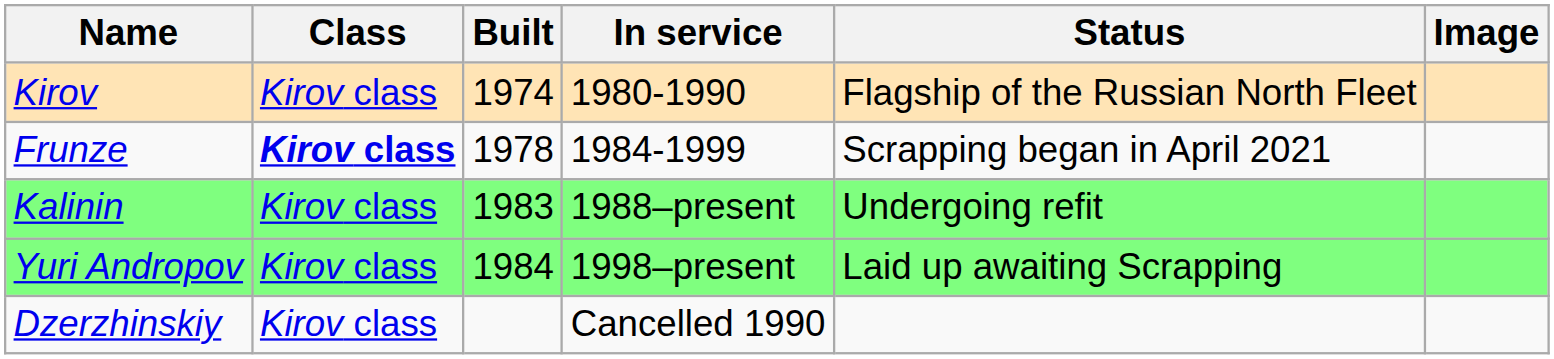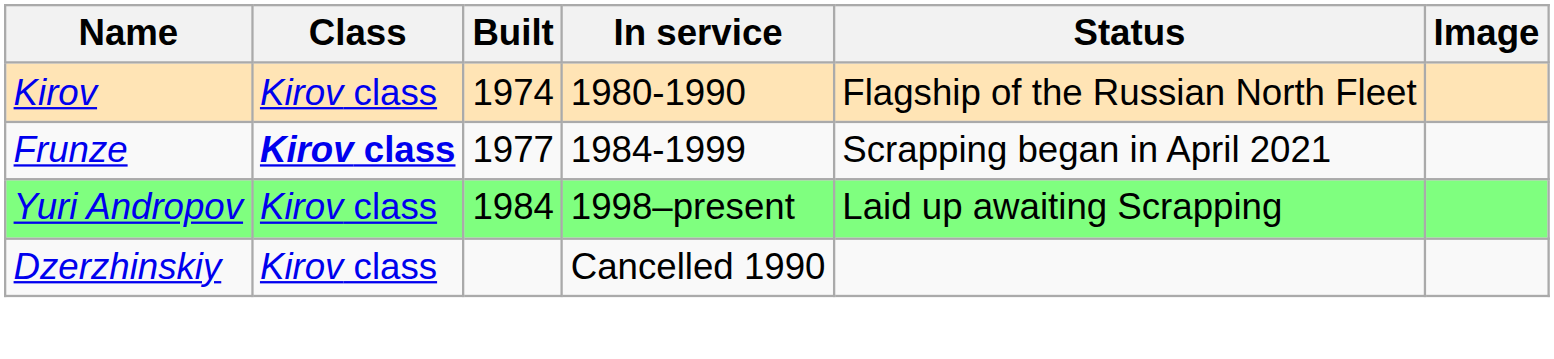 <table class="wikitable">
 <tr>
 <th>Name</th>
 <th>Class</th>
 <th>Built</th>
 <th>In service</th>
 <th>Status</th>
 <th>Image</th>
 </tr>
 <tr style="background: #FFE4B5">
 <td><a href='#'><em>Kirov</em></a></td>
 <td><a href='#'><em>Kirov</em> class</a></td>
 <td>1974</td>
 <td>1980-1990</td>
 <td>Flagship of the Russian North Fleet</td>
 <td></td>
 </tr>
 <tr>
 <td><a href='#'><em>Frunze</em></a></td>
 <td><strong><a href='#'><em>Kirov</em> class</a></strong></td>
-<td>1978</td>
+<td>1977</td>
 <td>1984-1999</td>
 <td>Scrapping began in April 2021</td>
-<td></td>
-</tr>
-<tr style="background:#7FFF7F;">
-<td><a href='#'><em>Kalinin</em></a></td>
-<td><a href='#'><em>Kirov</em> class</a></td>
-<td>1983</td>
-<td>1988–present</td>
-<td>Undergoing refit</td>
 <td></td>
 </tr>
 <tr style="background:#7FFF7F;">
 <td><a href='#'><em>Yuri Andropov</em></a></td>
 <td><a href='#'><em>Kirov</em> class</a></td>
 <td>1984</td>
 <td>1998–present</td>
 <td>Laid up awaiting Scrapping</td>
 <td></td>
 </tr>
 <tr>
 <td><a href='#'><em>Dzerzhinskiy</em></a></td>
 <td><a href='#'><em>Kirov</em> class</a></td>
 <td></td>
 <td>Cancelled 1990</td>
 <td></td>
 <td></td>
 </tr>
 </table>
